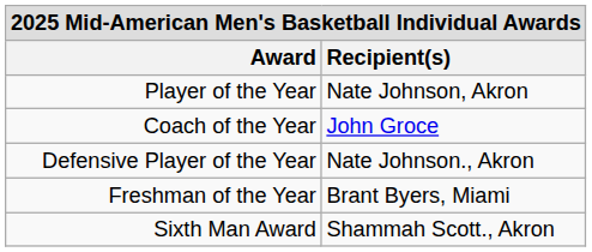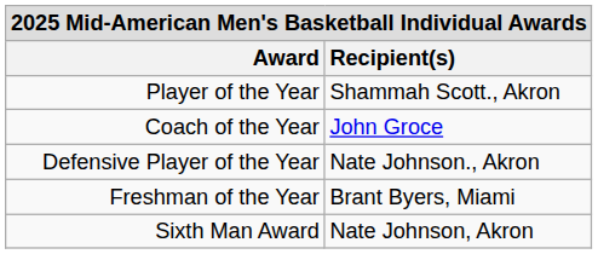 <table class="wikitable" style="white-space:nowrap; font-size:90%;">
 <tr>
 <td colspan="7" style="text-align:center; background:#ddd;"><strong>2025 Mid-American Men's Basketball Individual Awards</strong></td>
 </tr>
 <tr>
 <th style="text-align:right;">Award</th>
 <th style="text-align:left;">Recipient(s)</th>
 </tr>
 <tr>
 <td style="text-align:right;">Player of the Year</td>
-<td style="text-align:left;">Nate Johnson, Akron</td>
+<td style="text-align:left;">Shammah Scott., Akron</td>
 </tr>
 <tr>
 <td style="text-align:right;">Coach of the Year</td>
 <td style="text-align:left;"><a href='#'>John Groce</a></td>
 </tr>
 <tr>
 <td style="text-align:right;">Defensive Player of the Year</td>
 <td style="text-align:left;">Nate Johnson., Akron</td>
 </tr>
 <tr>
 <td style="text-align:right">Freshman of the Year</td>
 <td style="text-align:left;">Brant Byers, Miami</td>
 </tr>
 <tr>
 <td style="text-align:right;">Sixth Man Award</td>
-<td style="text-align:left;">Shammah Scott., Akron</td>
+<td style="text-align:left;">Nate Johnson, Akron</td>
 </tr>
 </table>
